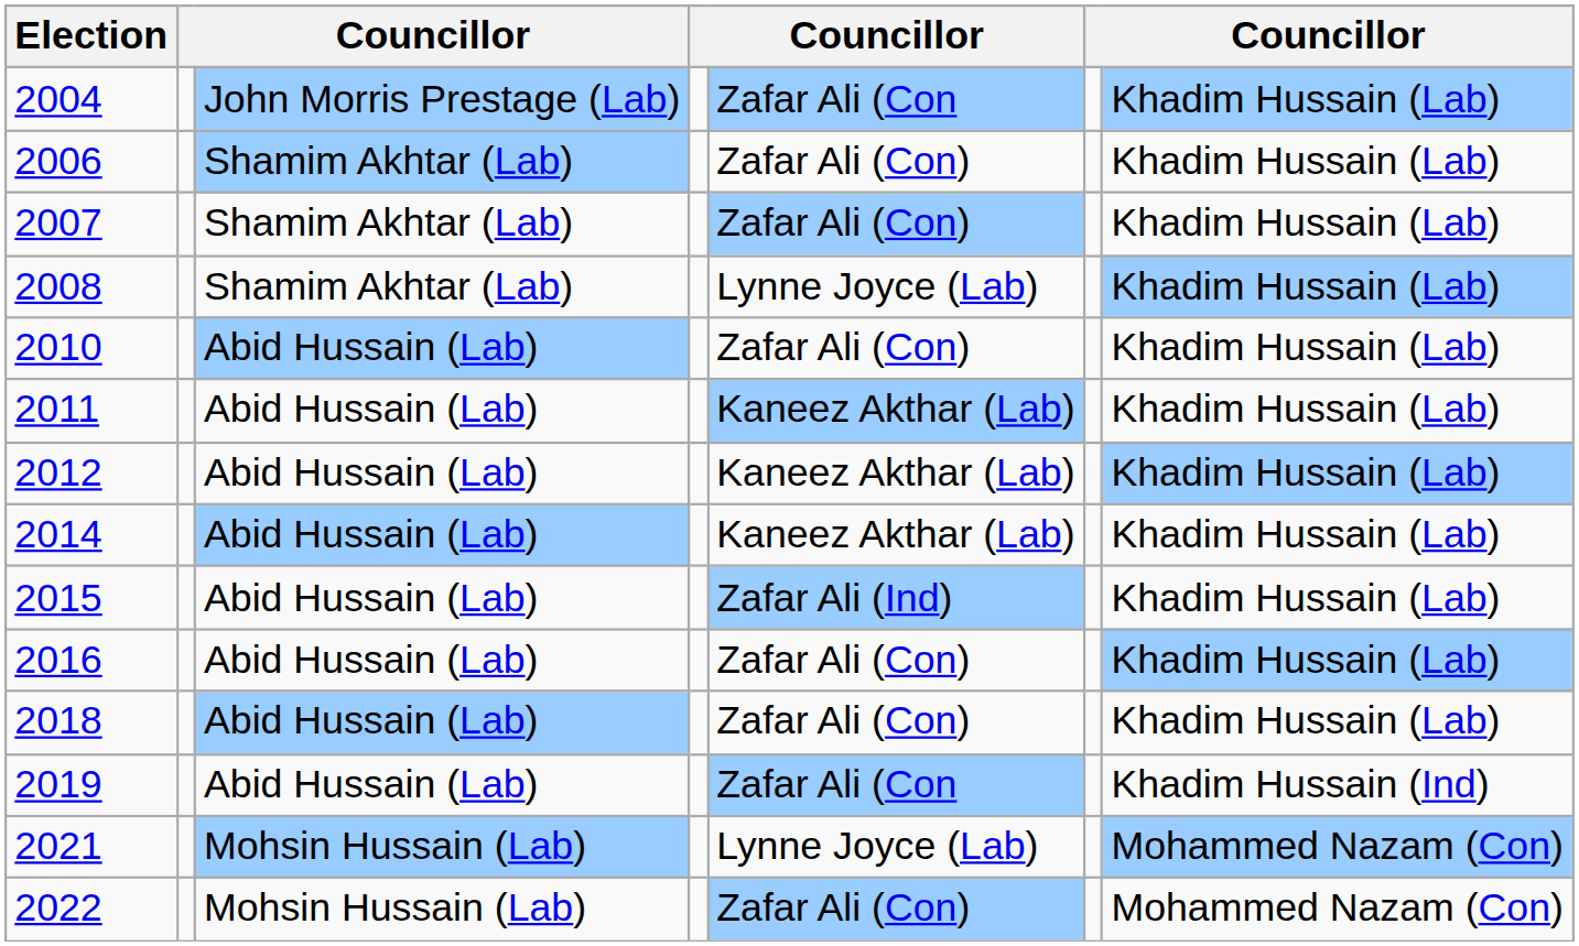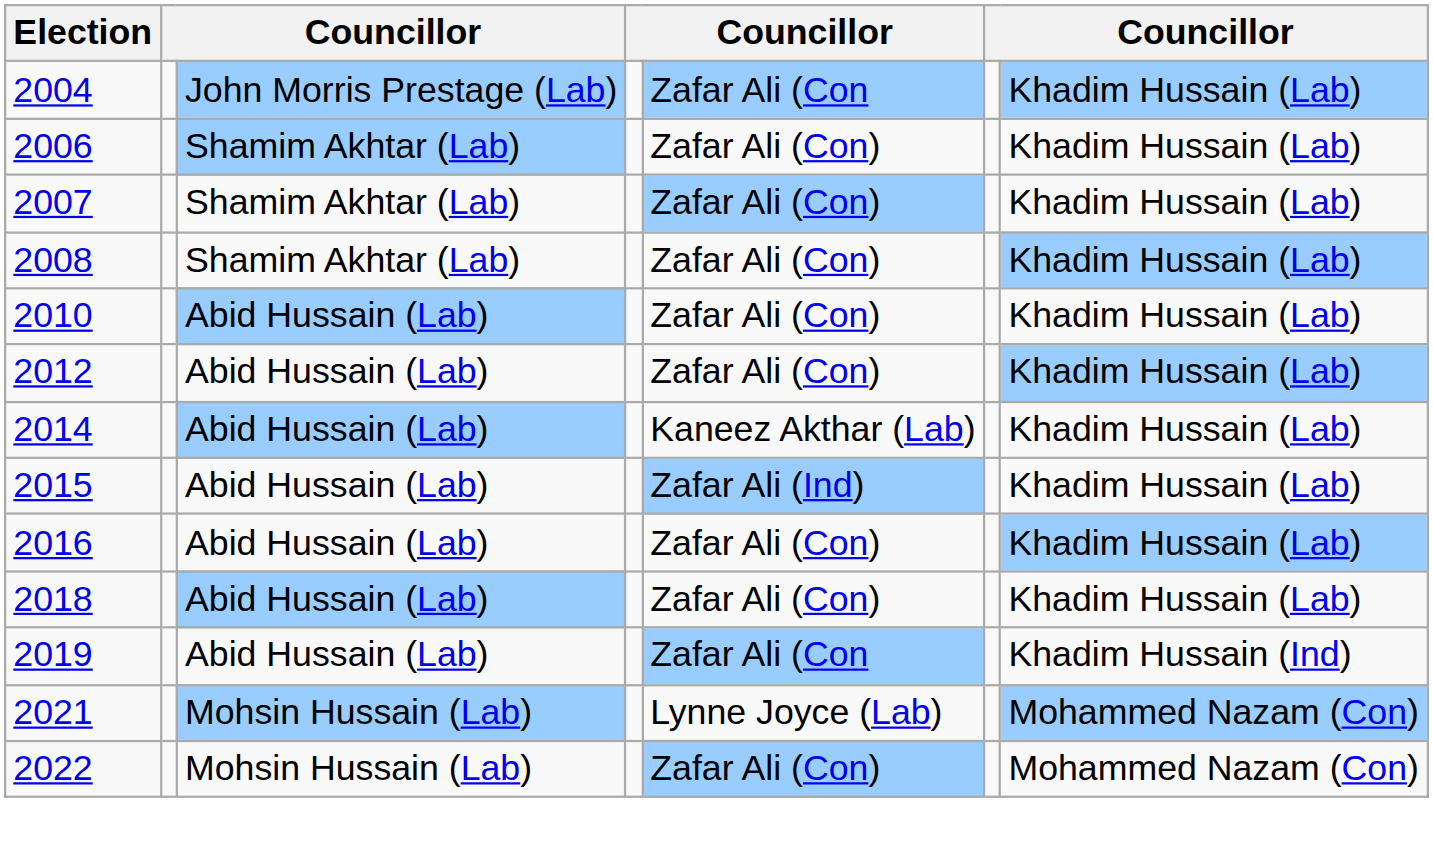 <table class="wikitable">
 <tr>
 <th>Election</th>
 <th colspan="2">Councillor</th>
 <th colspan="2">Councillor</th>
 <th colspan="2">Councillor</th>
 </tr>
 <tr>
 <td><a href='#'>2004</a></td>
 <td style="background-color: "></td>
 <td bgcolor="#99ccff">John Morris Prestage (<a href='#'>Lab</a>)</td>
 <td style="background-color: "></td>
 <td bgcolor="#99ccff">Zafar Ali (<a href='#'>Con</a></td>
 <td style="background-color: "></td>
 <td bgcolor="#99ccff">Khadim Hussain (<a href='#'>Lab</a>)</td>
 </tr>
 <tr>
 <td><a href='#'>2006</a></td>
 <td style="background-color: "></td>
 <td bgcolor="#99ccff">Shamim Akhtar (<a href='#'>Lab</a>)</td>
 <td style="background-color: "></td>
 <td>Zafar Ali (<a href='#'>Con</a>)</td>
 <td style="background-color: "></td>
 <td>Khadim Hussain (<a href='#'>Lab</a>)</td>
 </tr>
 <tr>
 <td><a href='#'>2007</a></td>
 <td style="background-color: "></td>
 <td>Shamim Akhtar (<a href='#'>Lab</a>)</td>
 <td style="background-color: "></td>
 <td bgcolor="#99ccff">Zafar Ali (<a href='#'>Con</a>)</td>
 <td style="background-color: "></td>
 <td>Khadim Hussain (<a href='#'>Lab</a>)</td>
 </tr>
 <tr>
 <td><a href='#'>2008</a></td>
 <td style="background-color: "></td>
 <td>Shamim Akhtar (<a href='#'>Lab</a>)</td>
 <td style="background-color: "></td>
-<td>Lynne Joyce (<a href='#'>Lab</a>)</td>
+<td>Zafar Ali (<a href='#'>Con</a>)</td>
 <td style="background-color: "></td>
 <td bgcolor="#99ccff">Khadim Hussain (<a href='#'>Lab</a>)</td>
 </tr>
 <tr>
 <td><a href='#'>2010</a></td>
 <td style="background-color: "></td>
 <td bgcolor="#99ccff">Abid Hussain (<a href='#'>Lab</a>)</td>
 <td style="background-color: "></td>
 <td>Zafar Ali (<a href='#'>Con</a>)</td>
 <td style="background-color: "></td>
 <td>Khadim Hussain (<a href='#'>Lab</a>)</td>
 </tr>
 <tr>
-<td><a href='#'>2011</a></td>
-<td style="background-color: "></td>
-<td>Abid Hussain (<a href='#'>Lab</a>)</td>
-<td style="background-color: "></td>
-<td bgcolor="#99ccff">Kaneez Akthar (<a href='#'>Lab</a>)</td>
-<td style="background-color: "></td>
-<td>Khadim Hussain (<a href='#'>Lab</a>)</td>
-</tr>
-<tr>
 <td><a href='#'>2012</a></td>
 <td style="background-color: "></td>
 <td>Abid Hussain (<a href='#'>Lab</a>)</td>
 <td style="background-color: "></td>
-<td>Kaneez Akthar (<a href='#'>Lab</a>)</td>
+<td>Zafar Ali (<a href='#'>Con</a>)</td>
 <td style="background-color: "></td>
 <td bgcolor="#99ccff">Khadim Hussain (<a href='#'>Lab</a>)</td>
 </tr>
 <tr>
 <td><a href='#'>2014</a></td>
 <td style="background-color: "></td>
 <td bgcolor="#99ccff">Abid Hussain (<a href='#'>Lab</a>)</td>
 <td style="background-color: "></td>
 <td>Kaneez Akthar (<a href='#'>Lab</a>)</td>
 <td style="background-color: "></td>
 <td>Khadim Hussain (<a href='#'>Lab</a>)</td>
 </tr>
 <tr>
 <td><a href='#'>2015</a></td>
 <td style="background-color: "></td>
 <td>Abid Hussain (<a href='#'>Lab</a>)</td>
 <td style="background-color: "></td>
 <td bgcolor="#99ccff">Zafar Ali (<a href='#'>Ind</a>)</td>
 <td style="background-color: "></td>
 <td>Khadim Hussain (<a href='#'>Lab</a>)</td>
 </tr>
 <tr>
 <td><a href='#'>2016</a></td>
 <td style="background-color: "></td>
 <td>Abid Hussain (<a href='#'>Lab</a>)</td>
 <td style="background-color: "></td>
 <td>Zafar Ali (<a href='#'>Con</a>)</td>
 <td style="background-color: "></td>
 <td bgcolor="#99ccff">Khadim Hussain (<a href='#'>Lab</a>)</td>
 </tr>
 <tr>
 <td><a href='#'>2018</a></td>
 <td style="background-color: "></td>
 <td bgcolor="#99ccff">Abid Hussain (<a href='#'>Lab</a>)</td>
 <td style="background-color: "></td>
 <td>Zafar Ali (<a href='#'>Con</a>)</td>
 <td style="background-color: "></td>
 <td>Khadim Hussain (<a href='#'>Lab</a>)</td>
 </tr>
 <tr>
 <td><a href='#'>2019</a></td>
 <td style="background-color: "></td>
 <td>Abid Hussain (<a href='#'>Lab</a>)</td>
 <td style="background-color: "></td>
 <td bgcolor="#99ccff">Zafar Ali (<a href='#'>Con</a></td>
 <td style="background-color: "></td>
 <td>Khadim Hussain (<a href='#'>Ind</a>)</td>
 </tr>
 <tr>
 <td><a href='#'>2021</a></td>
 <td style="background-color: "></td>
 <td bgcolor="#99ccff">Mohsin Hussain (<a href='#'>Lab</a>)</td>
 <td style="background-color: "></td>
 <td>Lynne Joyce (<a href='#'>Lab</a>)</td>
 <td style="background-color: "></td>
 <td bgcolor="#99ccff">Mohammed Nazam (<a href='#'>Con</a>)</td>
 </tr>
 <tr>
 <td><a href='#'>2022</a></td>
 <td style="background-color: "></td>
 <td>Mohsin Hussain (<a href='#'>Lab</a>)</td>
 <td style="background-color: "></td>
 <td bgcolor="#99ccff">Zafar Ali (<a href='#'>Con</a>)</td>
 <td style="background-color: "></td>
 <td>Mohammed Nazam (<a href='#'>Con</a>)</td>
 </tr>
 </table>
